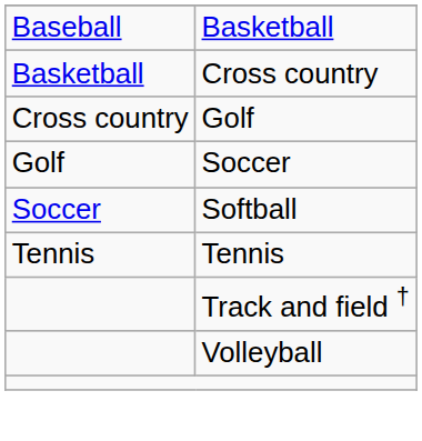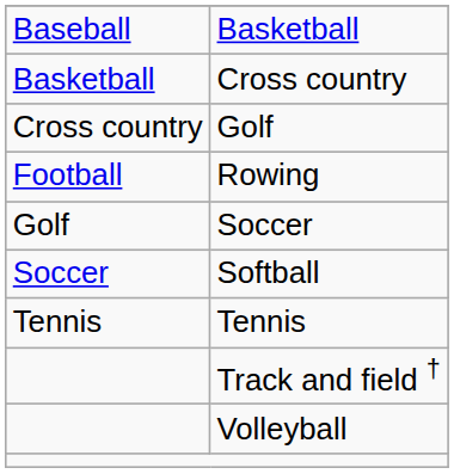 <table class="wikitable" style=" ">
 <tr>
 </tr>
 <tr>
 <td><a href='#'>Baseball</a></td>
 <td><a href='#'>Basketball</a></td>
 </tr>
 <tr>
 <td><a href='#'>Basketball</a></td>
 <td>Cross country</td>
 </tr>
 <tr>
 <td>Cross country</td>
 <td>Golf</td>
+</tr>
+<tr>
+<td><a href='#'>Football</a></td>
+<td>Rowing</td>
 </tr>
 <tr>
 <td>Golf</td>
 <td>Soccer</td>
 </tr>
 <tr>
 <td><a href='#'>Soccer</a></td>
 <td>Softball</td>
 </tr>
 <tr>
 <td>Tennis</td>
 <td>Tennis</td>
 </tr>
 <tr>
 <td></td>
 <td>Track and field <sup>†</sup></td>
 </tr>
 <tr>
 <td></td>
 <td>Volleyball</td>
 </tr>
 <tr>
 <td colspan="2"></td>
 </tr>
 </table>
